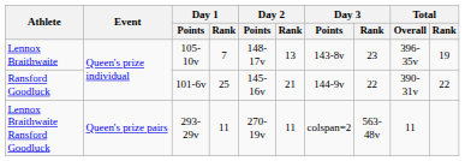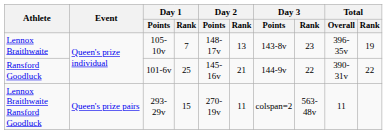 <table class="wikitable" style="font-size:90%">
 <tr>
 <th rowspan=2>Athlete</th>
 <th rowspan=2>Event</th>
 <th colspan=2>Day 1</th>
 <th colspan=2>Day 2</th>
 <th colspan=2>Day 3</th>
 <th colspan=2>Total</th>
 </tr>
 <tr style="font-size:95%">
 <th>Points</th>
 <th>Rank</th>
 <th>Points</th>
 <th>Rank</th>
 <th>Points</th>
 <th>Rank</th>
 <th>Overall</th>
 <th>Rank</th>
 </tr>
 <tr align=center>
 <td align=left><a href='#'>Lennox Braithwaite</a></td>
 <td align=left rowspan=2><a href='#'>Queen's prize individual</a></td>
 <td>105-10v</td>
 <td>7</td>
 <td>148-17v</td>
 <td>13</td>
 <td>143-8v</td>
 <td>23</td>
 <td>396-35v</td>
 <td>19</td>
 </tr>
 <tr align=center>
 <td align=left><a href='#'>Ransford Goodluck</a></td>
 <td>101-6v</td>
 <td>25</td>
 <td>145-16v</td>
 <td>21</td>
 <td>144-9v</td>
 <td>22</td>
 <td>390-31v</td>
 <td>22</td>
 </tr>
 <tr align=center>
 <td align=left><a href='#'>Lennox Braithwaite</a><br><a href='#'>Ransford Goodluck</a></td>
 <td align=left><a href='#'>Queen's prize pairs</a></td>
 <td>293-29v</td>
-<td>11</td>
+<td>15</td>
 <td>270-19v</td>
 <td>11</td>
 <td>colspan=2 </td>
 <td>563-48v</td>
 <td>11</td>
 </tr>
 </table>
